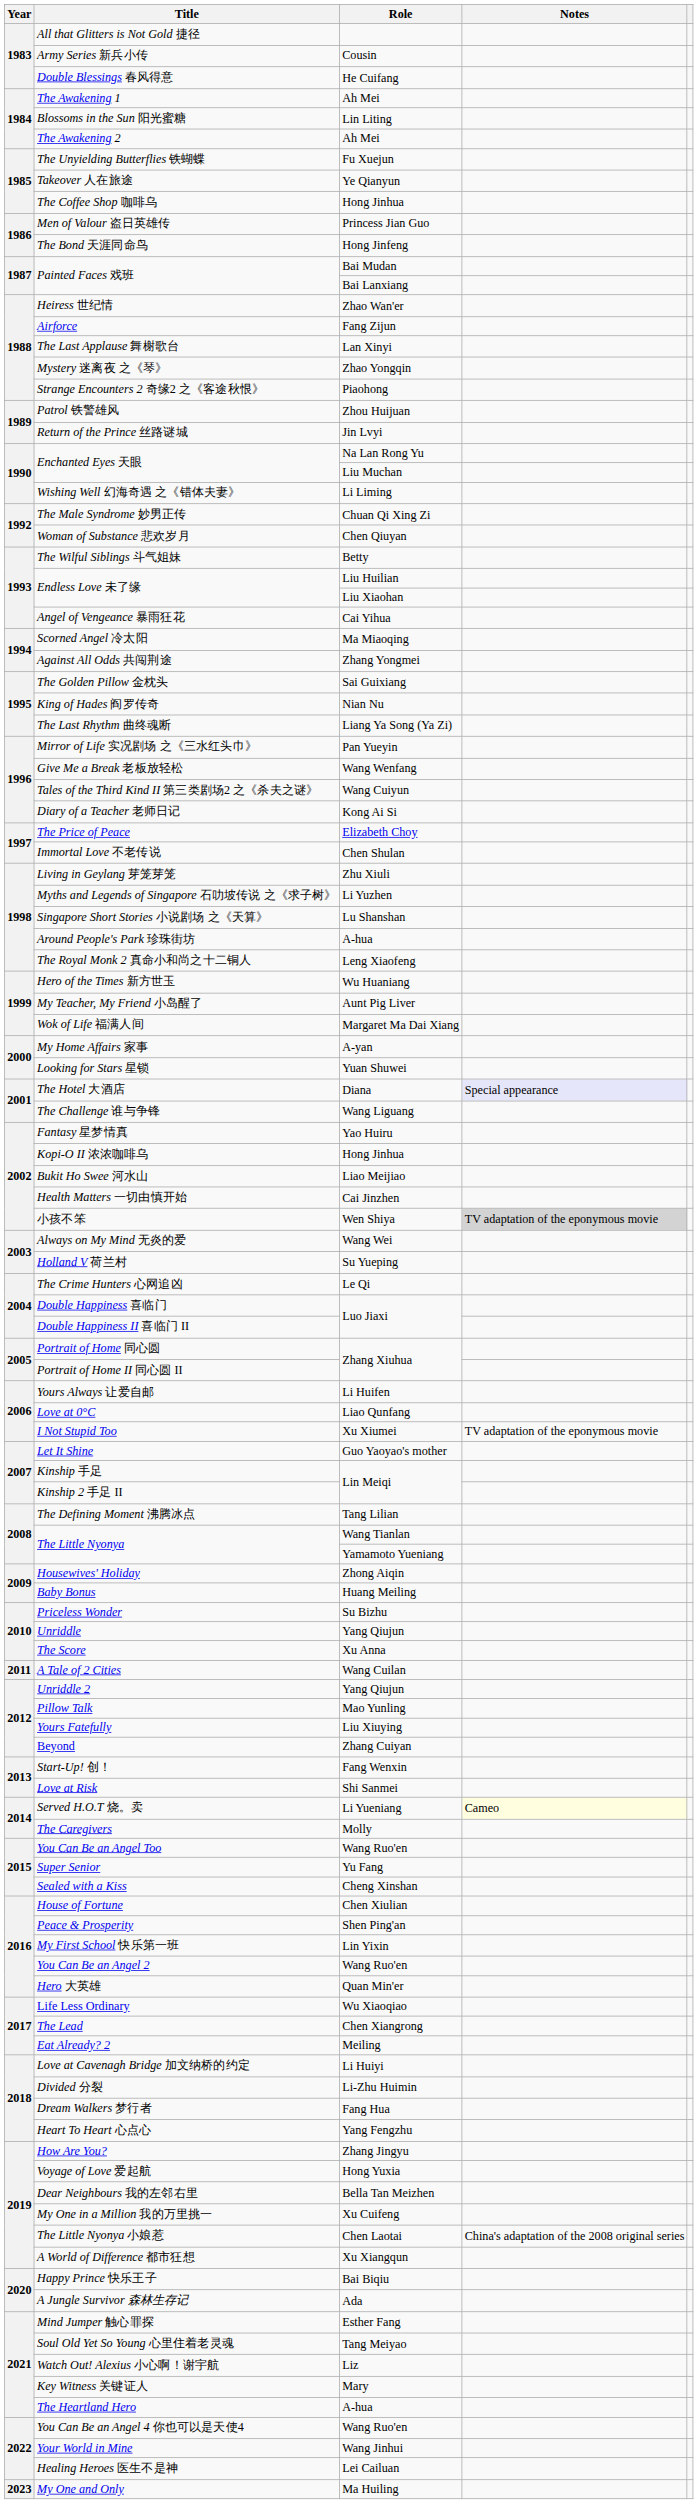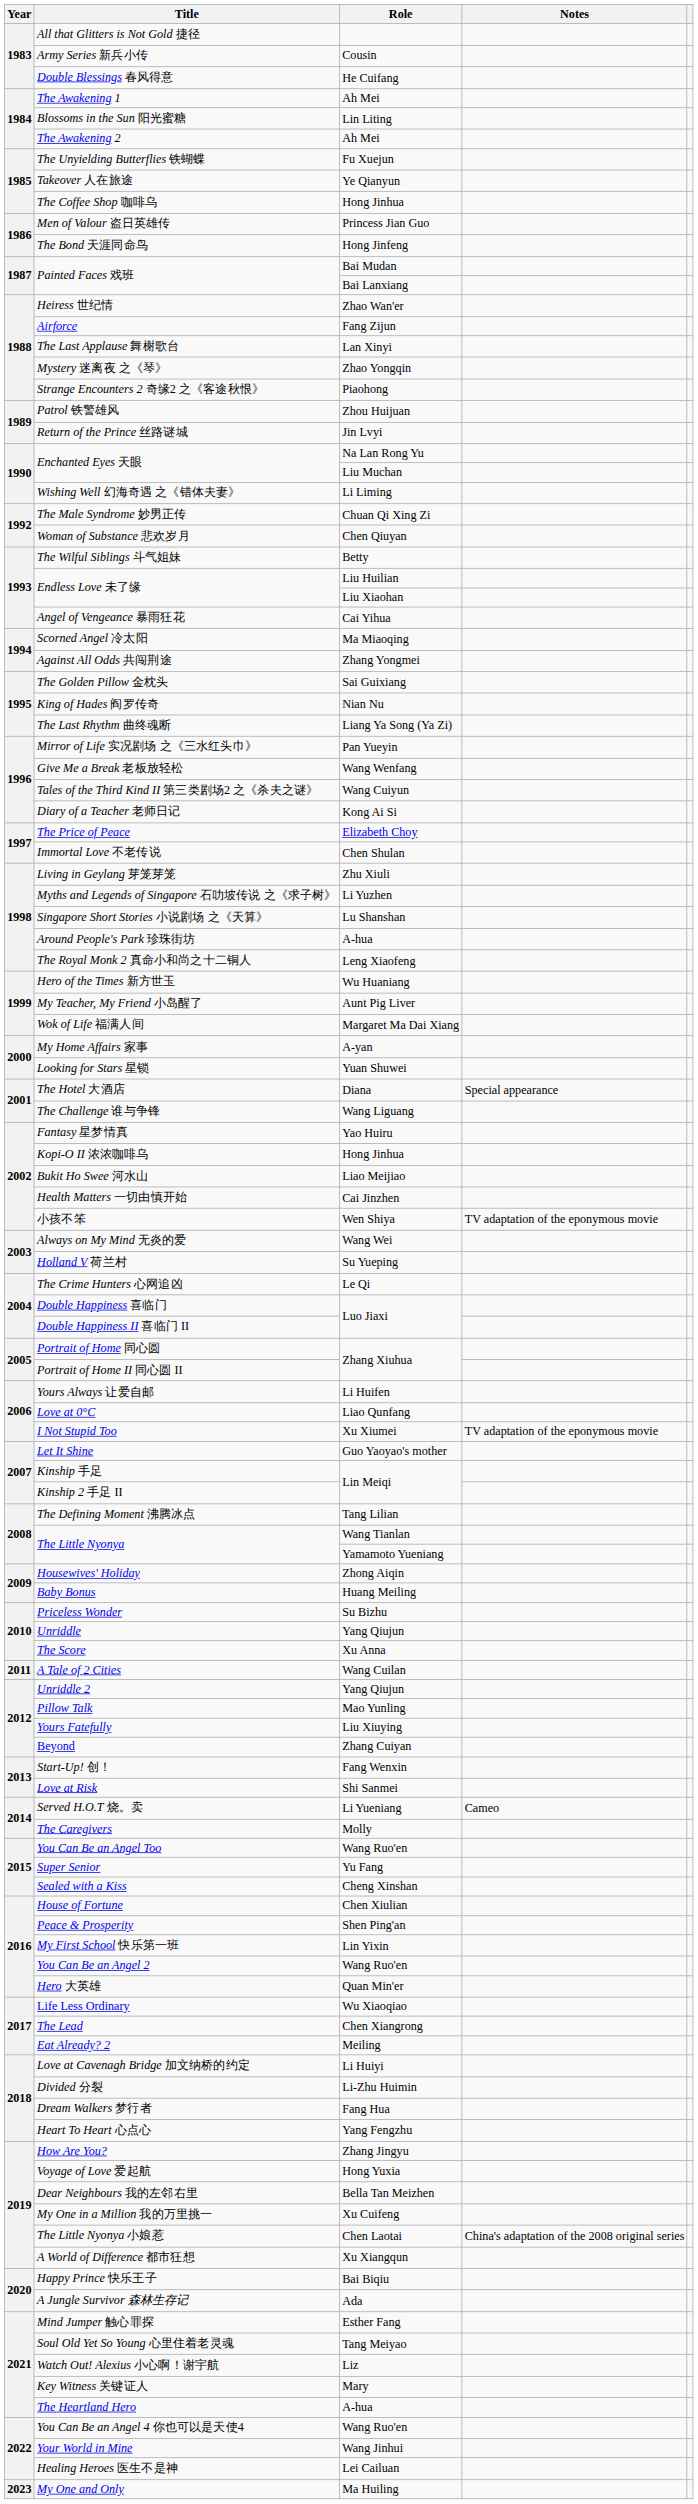 <table class="wikitable sortable plainrowheaders">
 <tr>
 <th scope="col">Year</th>
 <th scope="col">Title</th>
 <th scope="col">Role</th>
 <th scope="col" class="unsortable">Notes</th>
 <th scope="col" class="unsortable"></th>
 </tr>
 <tr>
 <th scope="row" rowspan="3">1983</th>
 <td><em>All that Glitters is Not Gold</em> 捷径</td>
 <td></td>
 <td></td>
 <td></td>
 </tr>
 <tr>
 <td><em>Army Series</em> 新兵小传</td>
 <td>Cousin</td>
 <td></td>
 <td></td>
 </tr>
 <tr>
 <td><em><a href='#'>Double Blessings</a></em> 春风得意</td>
 <td>He Cuifang</td>
 <td></td>
 <td></td>
 </tr>
 <tr>
 <th scope="row" rowspan="3">1984</th>
 <td><em><a href='#'>The Awakening</a> 1</em></td>
 <td>Ah Mei</td>
 <td></td>
 <td></td>
 </tr>
 <tr>
 <td><em>Blossoms in the Sun</em> 阳光蜜糖</td>
 <td>Lin Liting</td>
 <td></td>
 <td></td>
 </tr>
 <tr>
 <td><em><a href='#'>The Awakening</a> 2</em></td>
 <td>Ah Mei</td>
 <td></td>
 <td></td>
 </tr>
 <tr>
 <th scope="row" rowspan="3">1985</th>
 <td><em>The Unyielding Butterflies</em> 铁蝴蝶</td>
 <td>Fu Xuejun</td>
 <td></td>
 <td></td>
 </tr>
 <tr>
 <td><em>Takeover</em> 人在旅途</td>
 <td>Ye Qianyun</td>
 <td></td>
 <td></td>
 </tr>
 <tr>
 <td><em>The Coffee Shop</em> 咖啡乌</td>
 <td>Hong Jinhua</td>
 <td></td>
 <td></td>
 </tr>
 <tr>
 <th scope="row" rowspan="2">1986</th>
 <td><em>Men of Valour</em> 盗日英雄传</td>
 <td>Princess Jian Guo</td>
 <td></td>
 <td></td>
 </tr>
 <tr>
 <td><em>The Bond</em> 天涯同命鸟</td>
 <td>Hong Jinfeng</td>
 <td></td>
 <td></td>
 </tr>
 <tr>
 <th scope="row" rowspan="2">1987</th>
 <td rowspan="2"><em>Painted Faces</em> 戏班</td>
 <td>Bai Mudan</td>
 <td></td>
 <td></td>
 </tr>
 <tr>
 <td>Bai Lanxiang</td>
 <td></td>
 <td></td>
 </tr>
 <tr>
 <th scope="row" rowspan="5">1988</th>
 <td><em>Heiress</em> 世纪情</td>
 <td>Zhao Wan'er</td>
 <td></td>
 <td></td>
 </tr>
 <tr>
 <td><em><a href='#'>Airforce</a></em></td>
 <td>Fang Zijun</td>
 <td></td>
 <td></td>
 </tr>
 <tr>
 <td><em>The Last Applause</em> 舞榭歌台</td>
 <td>Lan Xinyi</td>
 <td></td>
 <td></td>
 </tr>
 <tr>
 <td><em>Mystery</em> 迷离夜 之《琴》</td>
 <td>Zhao Yongqin</td>
 <td></td>
 <td></td>
 </tr>
 <tr>
 <td><em>Strange Encounters 2</em> 奇缘2 之《客途秋恨》</td>
 <td>Piaohong</td>
 <td></td>
 <td></td>
 </tr>
 <tr>
 <th scope="row" rowspan="2">1989</th>
 <td><em>Patrol</em> 铁警雄风</td>
 <td>Zhou Huijuan</td>
 <td></td>
 <td></td>
 </tr>
 <tr>
 <td><em>Return of the Prince</em> 丝路谜城</td>
 <td>Jin Lvyi</td>
 <td></td>
 <td></td>
 </tr>
 <tr>
 <th scope="row" rowspan="3">1990</th>
 <td rowspan="2"><em>Enchanted Eyes</em> 天眼</td>
 <td>Na Lan Rong Yu</td>
 <td></td>
 <td></td>
 </tr>
 <tr>
 <td>Liu Muchan</td>
 <td></td>
 <td></td>
 </tr>
 <tr>
 <td><em>Wishing Well</em> 幻海奇遇 之《错体夫妻》</td>
 <td>Li Liming</td>
 <td></td>
 <td></td>
 </tr>
 <tr>
 <th scope="row" rowspan="2">1992</th>
 <td><em>The Male Syndrome</em> 妙男正传</td>
 <td>Chuan Qi Xing Zi</td>
 <td></td>
 <td></td>
 </tr>
 <tr>
 <td><em>Woman of Substance</em> 悲欢岁月</td>
 <td>Chen Qiuyan</td>
 <td></td>
 <td></td>
 </tr>
 <tr>
 <th scope="row" rowspan="4">1993</th>
 <td><em>The Wilful Siblings</em> 斗气姐妹</td>
 <td>Betty</td>
 <td></td>
 <td></td>
 </tr>
 <tr>
 <td rowspan="2"><em>Endless Love</em> 未了缘</td>
 <td>Liu Huilian</td>
 <td></td>
 <td></td>
 </tr>
 <tr>
 <td>Liu Xiaohan</td>
 <td></td>
 <td></td>
 </tr>
 <tr>
 <td><em>Angel of Vengeance</em> 暴雨狂花</td>
 <td>Cai Yihua</td>
 <td></td>
 <td></td>
 </tr>
 <tr>
 <th scope="row" rowspan="2">1994</th>
 <td><em>Scorned Angel</em> 冷太阳</td>
 <td>Ma Miaoqing</td>
 <td></td>
 <td></td>
 </tr>
 <tr>
 <td><em>Against All Odds</em> 共闯荆途</td>
 <td>Zhang Yongmei</td>
 <td></td>
 <td></td>
 </tr>
 <tr>
 <th scope="row" rowspan="3">1995</th>
 <td><em>The Golden Pillow</em> 金枕头</td>
 <td>Sai Guixiang</td>
 <td></td>
 <td></td>
 </tr>
 <tr>
 <td><em>King of Hades</em> 阎罗传奇</td>
 <td>Nian Nu</td>
 <td></td>
 <td></td>
 </tr>
 <tr>
 <td><em>The Last Rhythm</em> 曲终魂断</td>
 <td>Liang Ya Song (Ya Zi)</td>
 <td></td>
 <td></td>
 </tr>
 <tr>
 <th scope="row" rowspan="4">1996</th>
 <td><em>Mirror of Life</em> 实况剧场 之《三水红头巾》</td>
 <td>Pan Yueyin</td>
 <td></td>
 <td></td>
 </tr>
 <tr>
 <td><em>Give Me a Break</em> 老板放轻松</td>
 <td>Wang Wenfang</td>
 <td></td>
 <td></td>
 </tr>
 <tr>
 <td><em>Tales of the Third Kind II</em> 第三类剧场2 之《杀夫之谜》</td>
 <td>Wang Cuiyun</td>
 <td></td>
 <td></td>
 </tr>
 <tr>
 <td><em>Diary of a Teacher</em> 老师日记</td>
 <td>Kong Ai Si</td>
 <td></td>
 <td></td>
 </tr>
 <tr>
 <th scope="row" rowspan="2">1997</th>
 <td><em><a href='#'>The Price of Peace</a></em></td>
 <td><a href='#'>Elizabeth Choy</a></td>
 <td></td>
 <td></td>
 </tr>
 <tr>
 <td><em>Immortal Love</em> 不老传说</td>
 <td>Chen Shulan</td>
 <td></td>
 <td></td>
 </tr>
 <tr>
 <th scope="row" rowspan="5">1998</th>
 <td><em>Living in Geylang</em> 芽笼芽笼</td>
 <td>Zhu Xiuli</td>
 <td></td>
 <td></td>
 </tr>
 <tr>
 <td><em>Myths and Legends of Singapore</em> 石叻坡传说 之《求子树》</td>
 <td>Li Yuzhen</td>
 <td></td>
 <td></td>
 </tr>
 <tr>
 <td><em>Singapore Short Stories</em> 小说剧场 之《天算》</td>
 <td>Lu Shanshan</td>
 <td></td>
 <td></td>
 </tr>
 <tr>
 <td><em>Around People's Park</em> 珍珠街坊</td>
 <td>A-hua</td>
 <td></td>
 <td></td>
 </tr>
 <tr>
 <td><em>The Royal Monk 2</em> 真命小和尚之十二铜人</td>
 <td>Leng Xiaofeng</td>
 <td></td>
 <td></td>
 </tr>
 <tr>
 <th scope="row" rowspan="3">1999</th>
 <td><em>Hero of the Times</em> 新方世玉</td>
 <td>Wu Huaniang</td>
 <td></td>
 <td></td>
 </tr>
 <tr>
 <td><em>My Teacher, My Friend</em> 小岛醒了</td>
 <td>Aunt Pig Liver</td>
 <td></td>
 <td></td>
 </tr>
 <tr>
 <td><em>Wok of Life</em> 福满人间</td>
 <td>Margaret Ma Dai Xiang</td>
 <td></td>
 <td></td>
 </tr>
 <tr>
 <th scope="row" rowspan="2">2000</th>
 <td><em>My Home Affairs</em> 家事</td>
 <td>A-yan</td>
 <td></td>
 <td></td>
 </tr>
 <tr>
 <td><em>Looking for Stars</em> 星锁</td>
 <td>Yuan Shuwei</td>
 <td></td>
 <td></td>
 </tr>
 <tr>
 <th scope="row" rowspan="2">2001</th>
 <td><em>The Hotel</em> 大酒店</td>
 <td>Diana</td>
-<td style="background: lavender;">Special appearance</td>
+<td>Special appearance</td>
 <td></td>
 </tr>
 <tr>
 <td><em>The Challenge</em> 谁与争锋</td>
 <td>Wang Liguang</td>
 <td></td>
 <td></td>
 </tr>
 <tr>
 <th scope="row" rowspan="5">2002</th>
 <td><em>Fantasy</em> 星梦情真</td>
 <td>Yao Huiru</td>
 <td></td>
 <td></td>
 </tr>
 <tr>
 <td><em>Kopi-O II</em> 浓浓咖啡乌</td>
 <td>Hong Jinhua</td>
 <td></td>
 <td></td>
 </tr>
 <tr>
 <td><em>Bukit Ho Swee</em> 河水山</td>
 <td>Liao Meijiao</td>
 <td></td>
 <td></td>
 </tr>
 <tr>
 <td><em>Health Matters</em> 一切由慎开始</td>
 <td>Cai Jinzhen</td>
 <td></td>
 <td></td>
 </tr>
 <tr>
 <td><em></em> 小孩不笨</td>
 <td>Wen Shiya</td>
-<td style="background: lightgrey;">TV adaptation of the eponymous movie</td>
+<td>TV adaptation of the eponymous movie</td>
 <td></td>
 </tr>
 <tr>
 <th scope="row" rowspan="2">2003</th>
 <td><em>Always on My Mind</em> 无炎的爱</td>
 <td>Wang Wei</td>
 <td></td>
 <td></td>
 </tr>
 <tr>
 <td><a href='#'><em>Holland V</em></a> 荷兰村</td>
 <td>Su Yueping</td>
 <td></td>
 <td></td>
 </tr>
 <tr>
 <th scope="row" rowspan="3">2004</th>
 <td><em>The Crime Hunters</em> 心网追凶</td>
 <td>Le Qi</td>
 <td></td>
 <td></td>
 </tr>
 <tr>
 <td><em><a href='#'>Double Happiness</a></em> 喜临门</td>
 <td rowspan="2">Luo Jiaxi</td>
 <td></td>
 <td></td>
 </tr>
 <tr>
 <td><em><a href='#'>Double Happiness II</a></em> 喜临门 II</td>
 <td></td>
 <td></td>
 </tr>
 <tr>
 <th scope="row" rowspan="2">2005</th>
 <td><em><a href='#'>Portrait of Home</a></em> 同心圆</td>
 <td rowspan="2">Zhang Xiuhua</td>
 <td></td>
 <td></td>
 </tr>
 <tr>
 <td><em>Portrait of Home II</em> 同心圆 II</td>
 <td></td>
 <td></td>
 </tr>
 <tr>
 <th scope="row" rowspan="3">2006</th>
 <td><em>Yours Always</em> 让爱自邮</td>
 <td>Li Huifen</td>
 <td></td>
 <td></td>
 </tr>
 <tr>
 <td><em><a href='#'>Love at 0°C</a></em></td>
 <td>Liao Qunfang</td>
 <td></td>
 <td></td>
 </tr>
 <tr>
 <td><a href='#'><em>I Not Stupid Too</em></a></td>
 <td>Xu Xiumei</td>
 <td>TV adaptation of the eponymous movie</td>
 <td></td>
 </tr>
 <tr>
 <th scope="row" rowspan="3">2007</th>
 <td><em><a href='#'>Let It Shine</a></em></td>
 <td>Guo Yaoyao's mother</td>
 <td></td>
 <td></td>
 </tr>
 <tr>
 <td><em>Kinship</em> 手足</td>
 <td rowspan="2">Lin Meiqi</td>
 <td></td>
 <td></td>
 </tr>
 <tr>
 <td><em>Kinship 2</em> 手足 II</td>
 <td></td>
 <td></td>
 </tr>
 <tr>
 <th scope="row" rowspan="3">2008</th>
 <td><em>The Defining Moment</em> 沸腾冰点</td>
 <td>Tang Lilian</td>
 <td></td>
 <td></td>
 </tr>
 <tr>
 <td rowspan="2"><em><a href='#'>The Little Nyonya</a></em></td>
 <td>Wang Tianlan</td>
 <td></td>
 <td></td>
 </tr>
 <tr>
 <td>Yamamoto Yueniang</td>
 <td></td>
 <td></td>
 </tr>
 <tr>
 <th scope="row" rowspan="2">2009</th>
 <td><em><a href='#'>Housewives' Holiday</a></em></td>
 <td>Zhong Aiqin</td>
 <td></td>
 <td></td>
 </tr>
 <tr>
 <td><em><a href='#'>Baby Bonus</a></em></td>
 <td>Huang Meiling</td>
 <td></td>
 <td></td>
 </tr>
 <tr>
 <th scope="row" rowspan="3">2010</th>
 <td><em><a href='#'>Priceless Wonder</a></em></td>
 <td>Su Bizhu</td>
 <td></td>
 <td></td>
 </tr>
 <tr>
 <td><em><a href='#'>Unriddle</a></em></td>
 <td>Yang Qiujun</td>
 <td></td>
 <td></td>
 </tr>
 <tr>
 <td><em><a href='#'>The Score</a></em></td>
 <td>Xu Anna</td>
 <td></td>
 <td></td>
 </tr>
 <tr>
 <th scope="row" rowspan="1">2011</th>
 <td><em><a href='#'>A Tale of 2 Cities</a></em></td>
 <td>Wang Cuilan</td>
 <td></td>
 <td></td>
 </tr>
 <tr>
 <th scope="row" rowspan="4">2012</th>
 <td><em><a href='#'>Unriddle 2</a></em></td>
 <td>Yang Qiujun</td>
 <td></td>
 <td></td>
 </tr>
 <tr>
 <td><em><a href='#'>Pillow Talk</a></em></td>
 <td>Mao Yunling</td>
 <td></td>
 <td></td>
 </tr>
 <tr>
 <td><em><a href='#'>Yours Fatefully</a></em></td>
 <td>Liu Xiuying</td>
 <td></td>
 <td></td>
 </tr>
 <tr>
 <td><a href='#'>Beyond</a></td>
 <td>Zhang Cuiyan</td>
 <td></td>
 <td></td>
 </tr>
 <tr>
 <th scope="row" rowspan="2">2013</th>
 <td><em>Start-Up!</em> 创！</td>
 <td>Fang Wenxin</td>
 <td></td>
 <td></td>
 </tr>
 <tr>
 <td><em><a href='#'>Love at Risk</a></em></td>
 <td>Shi Sanmei</td>
 <td></td>
 <td></td>
 </tr>
 <tr>
 <th scope="row" rowspan="2">2014</th>
 <td><em>Served H.O.T</em> 烧。卖</td>
 <td>Li Yueniang</td>
-<td style="background: lightyellow;">Cameo</td>
+<td>Cameo</td>
 <td></td>
 </tr>
 <tr>
 <td><em><a href='#'>The Caregivers</a></em></td>
 <td>Molly</td>
 <td></td>
 <td></td>
 </tr>
 <tr>
 <th scope="row" rowspan="3">2015</th>
 <td><em><a href='#'>You Can Be an Angel Too</a></em></td>
 <td>Wang Ruo'en</td>
 <td></td>
 <td></td>
 </tr>
 <tr>
 <td><em><a href='#'>Super Senior</a></em></td>
 <td>Yu Fang</td>
 <td></td>
 <td></td>
 </tr>
 <tr>
 <td><em><a href='#'>Sealed with a Kiss</a></em></td>
 <td>Cheng Xinshan</td>
 <td></td>
 <td></td>
 </tr>
 <tr>
 <th scope="row" rowspan="5">2016</th>
 <td><em><a href='#'>House of Fortune</a></em></td>
 <td>Chen Xiulian</td>
 <td></td>
 <td></td>
 </tr>
 <tr>
 <td><em><a href='#'>Peace & Prosperity</a></em></td>
 <td>Shen Ping'an</td>
 <td></td>
 <td></td>
 </tr>
 <tr>
 <td><em><a href='#'>My First School</a></em> 快乐第一班</td>
 <td>Lin Yixin</td>
 <td></td>
 <td></td>
 </tr>
 <tr>
 <td><em><a href='#'>You Can Be an Angel 2</a></em></td>
 <td>Wang Ruo'en</td>
 <td></td>
 <td></td>
 </tr>
 <tr>
 <td><em><a href='#'>Hero</a></em> 大英雄</td>
 <td>Quan Min'er</td>
 <td></td>
 <td></td>
 </tr>
 <tr>
 <th scope="row" rowspan="3">2017</th>
 <td><a href='#'>Life Less Ordinary</a></td>
 <td>Wu Xiaoqiao</td>
 <td></td>
 <td></td>
 </tr>
 <tr>
 <td><em><a href='#'>The Lead</a></em></td>
 <td>Chen Xiangrong</td>
 <td></td>
 <td></td>
 </tr>
 <tr>
 <td><em><a href='#'>Eat Already? 2</a></em></td>
 <td>Meiling</td>
 <td></td>
 <td></td>
 </tr>
 <tr>
 <th scope="row" rowspan="4">2018</th>
 <td><em>Love at Cavenagh Bridge</em> 加文纳桥的约定</td>
 <td>Li Huiyi</td>
 <td></td>
 <td></td>
 </tr>
 <tr>
 <td><em>Divided</em> 分裂</td>
 <td>Li-Zhu Huimin</td>
 <td></td>
 <td></td>
 </tr>
 <tr>
 <td><em>Dream Walkers</em> 梦行者</td>
 <td>Fang Hua</td>
 <td></td>
 <td></td>
 </tr>
 <tr>
 <td><em>Heart To Heart</em> 心点心</td>
 <td>Yang Fengzhu</td>
 <td></td>
 <td></td>
 </tr>
 <tr>
 <th scope="row" rowspan="6">2019</th>
 <td><em><a href='#'>How Are You?</a></em></td>
 <td>Zhang Jingyu</td>
 <td></td>
 <td></td>
 </tr>
 <tr>
 <td><em>Voyage of Love</em> 爱起航</td>
 <td>Hong Yuxia</td>
 <td></td>
 <td></td>
 </tr>
 <tr>
 <td><em>Dear Neighbours</em> 我的左邻右里</td>
 <td>Bella Tan Meizhen</td>
 <td></td>
 <td></td>
 </tr>
 <tr>
 <td><em>My One in a Million</em> 我的万里挑一</td>
 <td>Xu Cuifeng</td>
 <td></td>
 <td></td>
 </tr>
 <tr>
 <td><em>The Little Nyonya</em> 小娘惹</td>
 <td>Chen Laotai</td>
 <td>China's adaptation of the 2008 original series</td>
 <td></td>
 </tr>
 <tr>
 <td><em>A World of Difference</em> 都市狂想</td>
 <td>Xu Xiangqun</td>
 <td></td>
 <td></td>
 </tr>
 <tr>
 <th scope="row" rowspan="2">2020</th>
 <td><em>Happy Prince</em> 快乐王子</td>
 <td>Bai Biqiu</td>
 <td></td>
 <td></td>
 </tr>
 <tr>
 <td><em> A Jungle Survivor 森林生存记</em></td>
 <td>Ada</td>
 <td></td>
 <td></td>
 </tr>
 <tr>
 <th scope="row" rowspan="5">2021</th>
 <td><em>Mind Jumper</em> 触心罪探</td>
 <td>Esther Fang</td>
 <td></td>
 <td></td>
 </tr>
 <tr>
 <td><em>Soul Old Yet So Young </em> 心里住着老灵魂</td>
 <td>Tang Meiyao</td>
 <td></td>
 <td></td>
 </tr>
 <tr>
 <td><em>Watch Out! Alexius</em> 小心啊！谢宇航</td>
 <td>Liz</td>
 <td></td>
 <td></td>
 </tr>
 <tr>
 <td><em>Key Witness</em> 关键证人</td>
 <td>Mary</td>
 <td></td>
 <td></td>
 </tr>
 <tr>
 <td><em><a href='#'>The Heartland Hero</a></em></td>
 <td>A-hua</td>
 <td></td>
 <td></td>
 </tr>
 <tr>
 <th scope="row" rowspan="3">2022</th>
 <td><em>You Can Be an Angel 4</em> 你也可以是天使4</td>
 <td>Wang Ruo'en</td>
 <td></td>
 <td></td>
 </tr>
 <tr>
 <td><em><a href='#'>Your World in Mine</a></em></td>
 <td>Wang Jinhui</td>
 <td></td>
 <td></td>
 </tr>
 <tr>
 <td><em>Healing Heroes</em> 医生不是神</td>
 <td>Lei Cailuan</td>
 <td></td>
 <td></td>
 </tr>
 <tr>
 <th scope="row" rowspan="1">2023</th>
 <td><em><a href='#'>My One and Only</a></em></td>
 <td>Ma Huiling</td>
 <td></td>
 <td></td>
 </tr>
 </table>
